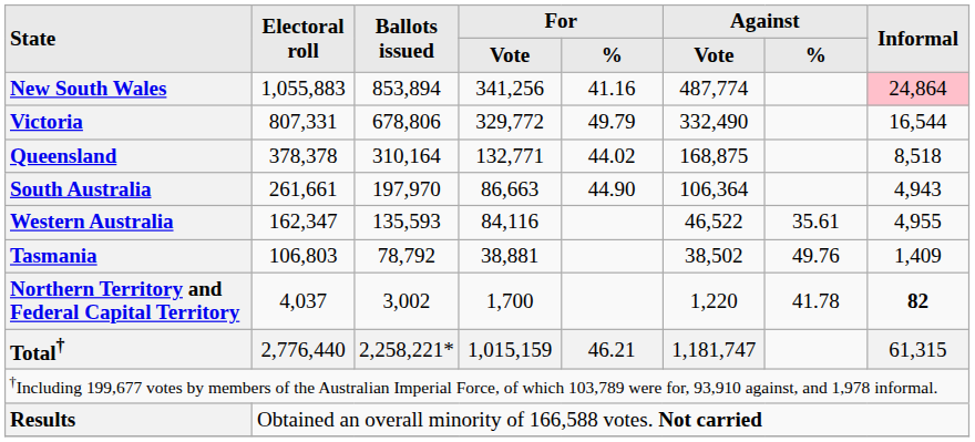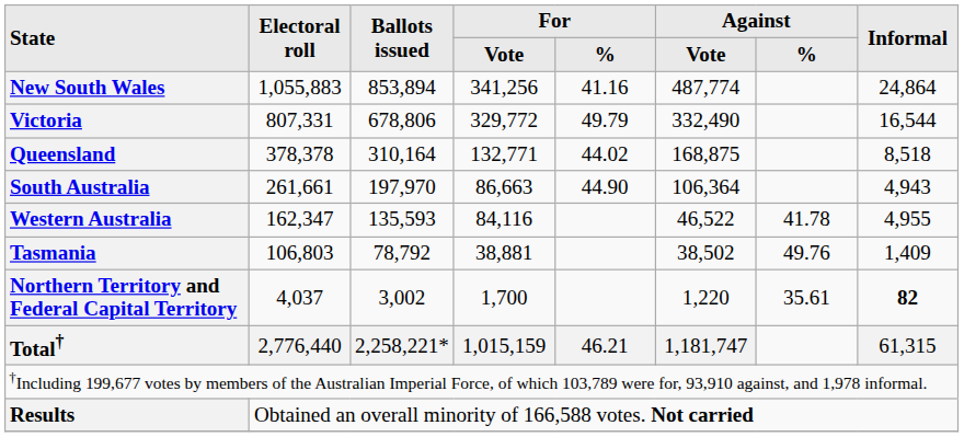 <table class="wikitable">
 <tr>
 <td style="background-color:#E9E9E9; width:180px" rowspan="2"><strong>State</strong></td>
 <td style="background-color:#E9E9E9; width:70px" align=center rowspan="2"><strong>Electoral roll</strong></td>
 <td style="background-color:#E9E9E9; width:70px" align=center rowspan="2"><strong>Ballots issued</strong></td>
 <td style="background-color:#E9E9E9; width:140px" align=center colspan="2"><strong>For</strong></td>
 <td style="background-color:#E9E9E9; width:140px" align=center colspan="2"><strong>Against</strong></td>
 <td style="background-color:#E9E9E9; width:70px" align=center rowspan="2"><strong>Informal</strong></td>
 </tr>
 <tr>
 <td style="background-color:#E9E9E9; width:70px" align=center><strong>Vote</strong></td>
 <td style="background-color:#E9E9E9; width:70px" align=center><strong>%</strong></td>
 <td style="background-color:#E9E9E9; width:70px" align=center><strong>Vote</strong></td>
 <td style="background-color:#E9E9E9; width:70px" align=center><strong>%</strong></td>
 </tr>
 <tr>
 <th style="text-align:left;"><a href='#'>New South Wales</a></th>
 <td align=center>1,055,883</td>
 <td align=center>853,894</td>
 <td align=center>341,256</td>
 <td align=center>41.16</td>
 <td align=center>487,774</td>
 <td></td>
-<td align=center style="background: pink;">24,864</td>
+<td align=center>24,864</td>
 </tr>
 <tr>
 <th style="text-align:left;"><a href='#'>Victoria</a></th>
 <td align=center>807,331</td>
 <td align=center>678,806</td>
 <td align=center>329,772</td>
 <td align="center">49.79</td>
 <td align="center">332,490</td>
 <td></td>
 <td align="center">16,544</td>
 </tr>
 <tr>
 <th style="text-align:left;"><a href='#'>Queensland</a></th>
 <td align=center>378,378</td>
 <td align=center>310,164</td>
 <td align=center>132,771</td>
 <td align=center>44.02</td>
 <td align=center>168,875</td>
 <td></td>
 <td align=center>8,518</td>
 </tr>
 <tr>
 <th style="text-align:left;"><a href='#'>South Australia</a></th>
 <td align=center>261,661</td>
 <td align=center>197,970</td>
 <td align=center>86,663</td>
 <td align=center>44.90</td>
 <td align=center>106,364</td>
 <td></td>
 <td align=center>4,943</td>
 </tr>
 <tr>
 <th style="text-align:left;"><a href='#'>Western Australia</a></th>
 <td align=center>162,347</td>
 <td align=center>135,593</td>
 <td align=center>84,116</td>
 <td></td>
 <td align="center">46,522</td>
-<td align="center">35.61</td>
+<td align="center">41.78</td>
 <td align="center">4,955</td>
 </tr>
 <tr>
 <th style="text-align:left;"><a href='#'>Tasmania</a></th>
 <td align=center>106,803</td>
 <td align=center>78,792</td>
 <td align=center>38,881</td>
 <td></td>
 <td align="center">38,502</td>
 <td align="center">49.76</td>
 <td align="center">1,409</td>
 </tr>
 <tr>
 <th style="text-align:left;"><a href='#'>Northern Territory</a> and <a href='#'>Federal Capital Territory</a></th>
 <td align=center>4,037</td>
 <td align=center>3,002</td>
 <td align=center>1,700</td>
 <td></td>
 <td align="center">1,220</td>
-<td align="center">41.78</td>
+<td align="center">35.61</td>
 <td align="center"><strong>82</strong></td>
 </tr>
 <tr>
 <th style="text-align: left;">Total<sup>†</sup></th>
 <td style="background-color: #f2f2f2" align=center>2,776,440</td>
 <td style="background-color: #f2f2f2" align=center>2,258,221*</td>
 <td style="background-color: #f2f2f2" align=center>1,015,159</td>
 <td style="background-color: #f2f2f2" align=center>46.21</td>
 <td style="background-color: #f2f2f2" align=center>1,181,747</td>
 <td></td>
 <td style="background-color: #f2f2f2" align=center>61,315</td>
 </tr>
 <tr>
 <td style="text-align: left; border-right: none; font-size: small" colspan="8"><sup>†</sup>Including 199,677 votes by members of the Australian Imperial Force, of which 103,789 were for, 93,910 against, and 1,978 informal.</td>
 </tr>
 <tr>
 <th style="text-align:left;">Results</th>
 <td colspan="7">Obtained an overall minority of 166,588 votes. <strong>Not carried</strong></td>
 </tr>
 <tr>
 </tr>
 </table>
